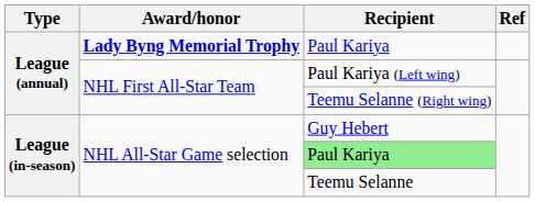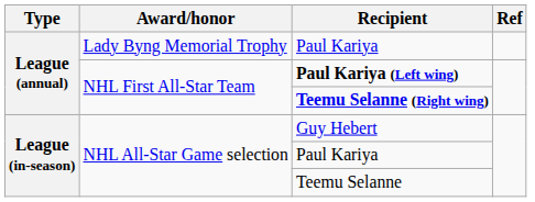 <table class="wikitable">
 <tr>
 <th scope="col">Type</th>
 <th scope="col">Award/honor</th>
 <th scope="col">Recipient</th>
 <th scope="col">Ref</th>
 </tr>
 <tr>
 <th scope="row" rowspan="3">League<br><small>(annual)</small></th>
-<td><strong><a href='#'>Lady Byng Memorial Trophy</a></strong></td>
+<td><a href='#'>Lady Byng Memorial Trophy</a></td>
 <td><a href='#'>Paul Kariya</a></td>
 <td></td>
 </tr>
 <tr>
 <td rowspan="2"><a href='#'>NHL First All-Star Team</a></td>
-<td>Paul Kariya <small>(<a href='#'>Left wing</a>)</small></td>
+<td><strong>Paul Kariya <small>(<a href='#'>Left wing</a>)</small></strong></td>
 <td rowspan="2"></td>
 </tr>
 <tr>
-<td><a href='#'>Teemu Selanne</a> <small>(<a href='#'>Right wing</a>)</small></td>
+<td><strong><a href='#'>Teemu Selanne</a> <small>(<a href='#'>Right wing</a>)</small></strong></td>
 </tr>
 <tr>
 <th scope="row" rowspan="5">League<br><small>(in-season)</small></th>
 <td rowspan="3"><a href='#'>NHL All-Star Game</a> selection</td>
 <td><a href='#'>Guy Hebert</a></td>
 <td rowspan="3"></td>
 </tr>
 <tr>
-<td style="background: lightgreen;">Paul Kariya</td>
+<td>Paul Kariya</td>
 </tr>
 <tr>
 <td>Teemu Selanne</td>
 </tr>
 </table>
